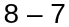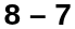 <table style="text-align:center">
 <tr>
 <th width=200></th>
 <th width=100></th>
 <th width=200></th>
 </tr>
 <tr>
 <td align=right><strong></strong></td>
-<td>8 – 7</td>
+<td><strong>8 – 7</strong></td>
 <td align=left></td>
 </tr>
 </table>
